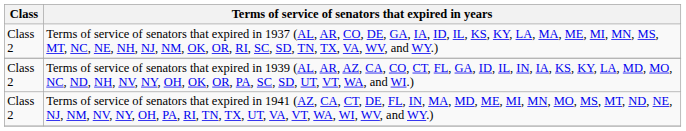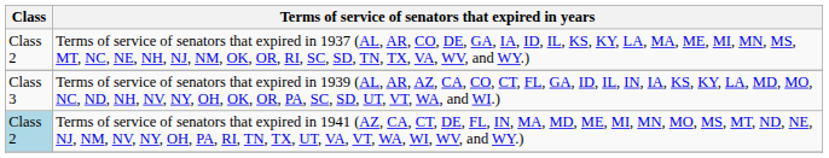 <table class="wikitable sortable">
 <tr valign=bottom>
 <th>Class</th>
 <th>Terms of service of senators that expired in years</th>
 </tr>
 <tr>
 <td>Class 2</td>
 <td>Terms of service of senators that expired in 1937 (<a href='#'>AL</a>, <a href='#'>AR</a>, <a href='#'>CO</a>, <a href='#'>DE</a>, <a href='#'>GA</a>, <a href='#'>IA</a>, <a href='#'>ID</a>, <a href='#'>IL</a>, <a href='#'>KS</a>, <a href='#'>KY</a>, <a href='#'>LA</a>, <a href='#'>MA</a>, <a href='#'>ME</a>, <a href='#'>MI</a>, <a href='#'>MN</a>, <a href='#'>MS</a>, <a href='#'>MT</a>, <a href='#'>NC</a>, <a href='#'>NE</a>, <a href='#'>NH</a>, <a href='#'>NJ</a>, <a href='#'>NM</a>, <a href='#'>OK</a>, <a href='#'>OR</a>, <a href='#'>RI</a>, <a href='#'>SC</a>, <a href='#'>SD</a>, <a href='#'>TN</a>, <a href='#'>TX</a>, <a href='#'>VA</a>, <a href='#'>WV</a>, and <a href='#'>WY</a>.)</td>
 </tr>
 <tr>
 </tr>
 <tr>
-<td>Class 2</td>
+<td>Class 3</td>
 <td>Terms of service of senators that expired in 1939 (<a href='#'>AL</a>, <a href='#'>AR</a>, <a href='#'>AZ</a>, <a href='#'>CA</a>, <a href='#'>CO</a>, <a href='#'>CT</a>, <a href='#'>FL</a>, <a href='#'>GA</a>, <a href='#'>ID</a>, <a href='#'>IL</a>, <a href='#'>IN</a>, <a href='#'>IA</a>, <a href='#'>KS</a>, <a href='#'>KY</a>, <a href='#'>LA</a>, <a href='#'>MD</a>, <a href='#'>MO</a>, <a href='#'>NC</a>, <a href='#'>ND</a>, <a href='#'>NH</a>, <a href='#'>NV</a>, <a href='#'>NY</a>, <a href='#'>OH</a>, <a href='#'>OK</a>, <a href='#'>OR</a>, <a href='#'>PA</a>, <a href='#'>SC</a>, <a href='#'>SD</a>, <a href='#'>UT</a>, <a href='#'>VT</a>, <a href='#'>WA</a>, and <a href='#'>WI</a>.)</td>
 </tr>
 <tr>
-<td>Class 2</td>
+<td style="background: lightblue;">Class 2</td>
 <td>Terms of service of senators that expired in 1941 (<a href='#'>AZ</a>, <a href='#'>CA</a>, <a href='#'>CT</a>, <a href='#'>DE</a>, <a href='#'>FL</a>, <a href='#'>IN</a>, <a href='#'>MA</a>, <a href='#'>MD</a>, <a href='#'>ME</a>, <a href='#'>MI</a>, <a href='#'>MN</a>, <a href='#'>MO</a>, <a href='#'>MS</a>, <a href='#'>MT</a>, <a href='#'>ND</a>, <a href='#'>NE</a>, <a href='#'>NJ</a>, <a href='#'>NM</a>, <a href='#'>NV</a>, <a href='#'>NY</a>, <a href='#'>OH</a>, <a href='#'>PA</a>, <a href='#'>RI</a>, <a href='#'>TN</a>, <a href='#'>TX</a>, <a href='#'>UT</a>, <a href='#'>VA</a>, <a href='#'>VT</a>, <a href='#'>WA</a>, <a href='#'>WI</a>, <a href='#'>WV</a>, and <a href='#'>WY</a>.)</td>
 </tr>
 <tr>
 </tr>
 </table>
